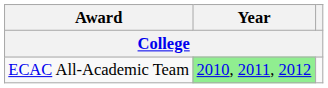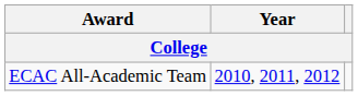 <table class="wikitable">
 <tr>
 <th>Award</th>
 <th>Year</th>
 <th></th>
 </tr>
 <tr ALIGN="center" bgcolor="#e0e0e0">
 <th colspan="3"><a href='#'>College</a></th>
 </tr>
 <tr>
 <td><a href='#'>ECAC</a> All-Academic Team</td>
-<td style="background: lightgreen;"><a href='#'>2010</a>, <a href='#'>2011</a>, <a href='#'>2012</a></td>
+<td><a href='#'>2010</a>, <a href='#'>2011</a>, <a href='#'>2012</a></td>
 <td></td>
 </tr>
 </table>
